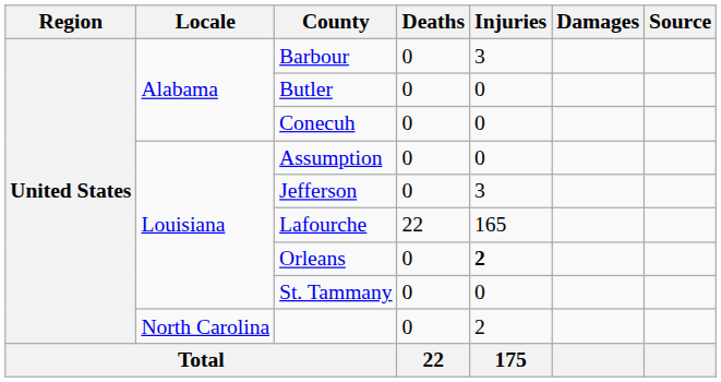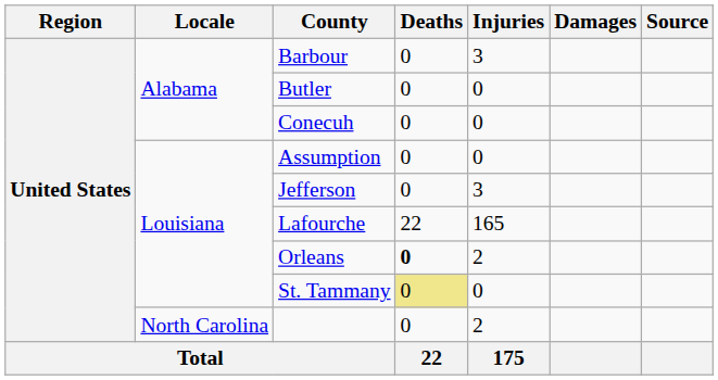 <table class="wikitable"  style="float:left; margin:10px;">
 <tr>
 <th>Region</th>
 <th>Locale</th>
 <th>County</th>
 <th>Deaths</th>
 <th>Injuries</th>
 <th>Damages</th>
 <th>Source</th>
 </tr>
 <tr>
 <th rowspan="9">United States</th>
 <td rowspan="3"><a href='#'>Alabama</a></td>
 <td><a href='#'>Barbour</a></td>
 <td>0</td>
 <td>3</td>
 <td></td>
 <td></td>
 </tr>
 <tr>
 <td><a href='#'>Butler</a></td>
 <td>0</td>
 <td>0</td>
 <td></td>
 <td></td>
 </tr>
 <tr>
 <td><a href='#'>Conecuh</a></td>
 <td>0</td>
 <td>0</td>
 <td></td>
 <td></td>
 </tr>
 <tr>
 <td rowspan="5"><a href='#'>Louisiana</a></td>
 <td><a href='#'>Assumption</a></td>
 <td>0</td>
 <td>0</td>
 <td></td>
 <td></td>
 </tr>
 <tr>
 <td><a href='#'>Jefferson</a></td>
 <td>0</td>
 <td>3</td>
 <td></td>
 <td></td>
 </tr>
 <tr>
 <td><a href='#'>Lafourche</a></td>
 <td>22</td>
 <td>165</td>
 <td></td>
 <td></td>
 </tr>
 <tr>
 <td><a href='#'>Orleans</a></td>
-<td>0</td>
-<td><strong>2</strong></td>
+<td><strong>0</strong></td>
+<td>2</td>
 <td></td>
 <td></td>
 </tr>
 <tr>
 <td><a href='#'>St. Tammany</a></td>
-<td>0</td>
+<td style="background: khaki;">0</td>
 <td>0</td>
 <td></td>
 <td></td>
 </tr>
 <tr>
 <td rowspan="1"><a href='#'>North Carolina</a></td>
 <td></td>
 <td>0</td>
 <td>2</td>
 <td></td>
 <td></td>
 </tr>
 <tr>
 <th colspan="3">Total</th>
 <th colspan="">22</th>
 <th colspan="">175</th>
 <th colspan=""></th>
 <th colspan=""></th>
 </tr>
 </table>
